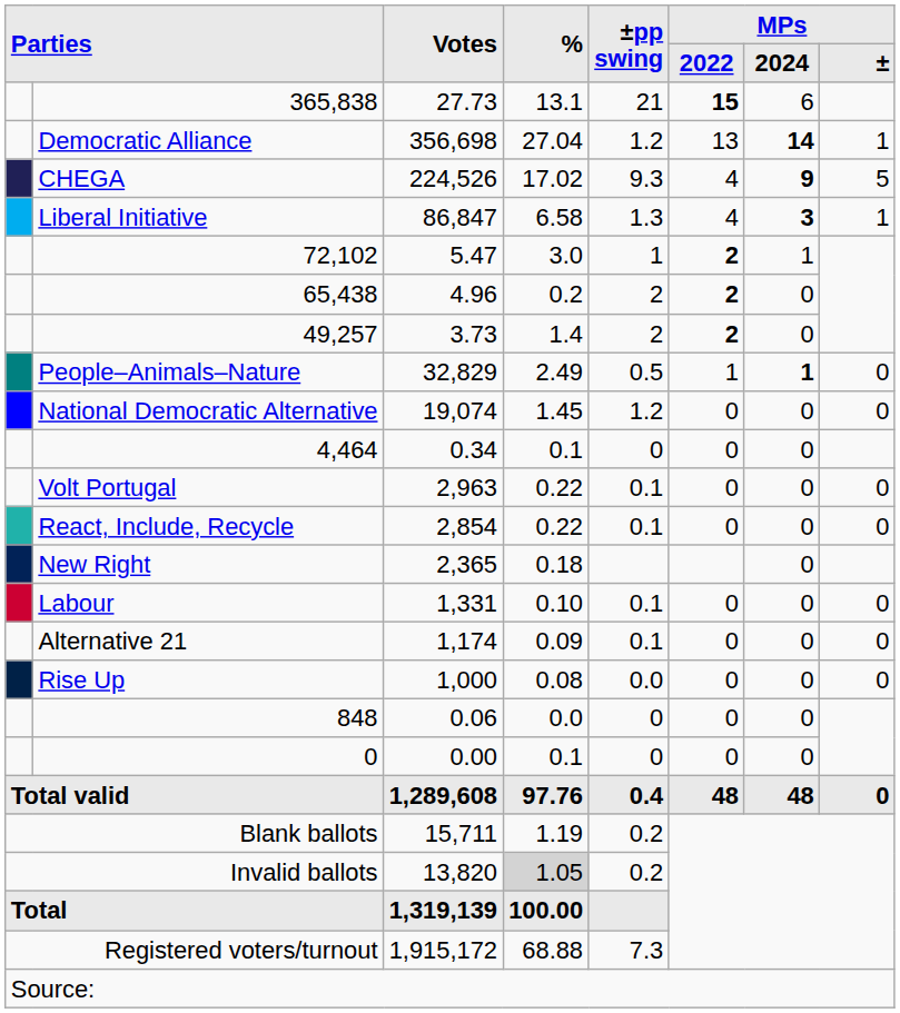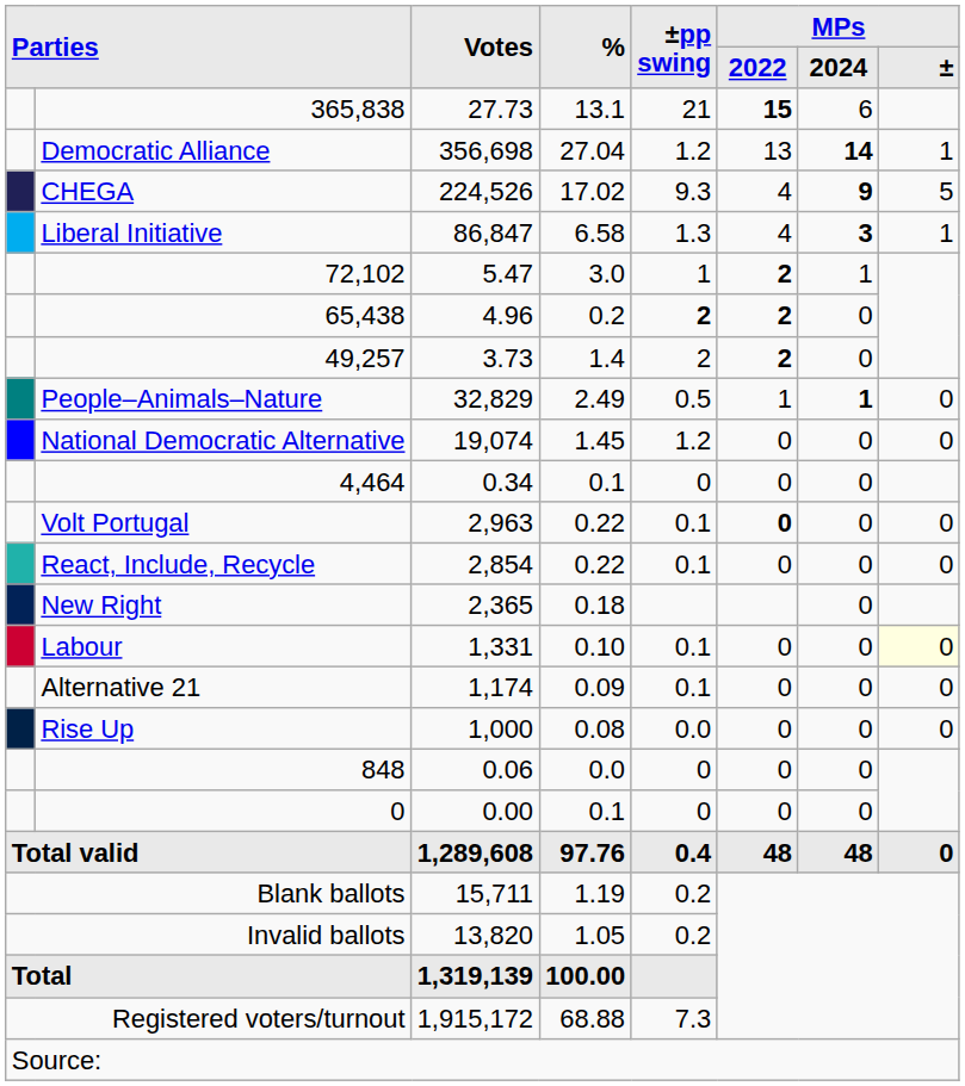 <table class="wikitable" style="text-align:right; font-size:95%;">
 <tr>
 <th rowspan="2" colspan="2" style="background:#e9e9e9; text-align:left;" alignleft><a href='#'>Parties</a></th>
 <th rowspan="2" style="background:#e9e9e9; text-align:right;">Votes</th>
 <th rowspan="2" style="background:#e9e9e9; text-align:right;">%</th>
 <th rowspan="2" style="background:#e9e9e9; text-align:right;">±<a href='#'>pp</a> <a href='#'>swing</a></th>
 <th colspan="3" style="background:#e9e9e9; text-align:center;"><a href='#'>MPs</a></th>
 </tr>
 <tr style="background-color:#E9E9E9">
 <th style="background-color:#E9E9E9;text-align:center;"><a href='#'>2022</a></th>
 <th style="background-color:#E9E9E9;text-align:center;">2024</th>
 <th style="background:#e9e9e9; text-align:right;">±</th>
 </tr>
 <tr>
 <td></td>
 <td>365,838</td>
 <td>27.73</td>
 <td>13.1</td>
 <td>21</td>
 <td><strong>15</strong></td>
 <td>6</td>
 </tr>
 <tr>
 <td style="width: 10px"></td>
 <td align="left"><a href='#'>Democratic Alliance</a> </td>
 <td>356,698</td>
 <td>27.04</td>
 <td>1.2</td>
 <td>13</td>
 <td><strong>14</strong></td>
 <td>1</td>
 </tr>
 <tr>
 <td style="width: 10px" bgcolor="#202056" align="center"></td>
 <td align="left"><a href='#'>CHEGA</a></td>
 <td>224,526</td>
 <td>17.02</td>
 <td>9.3</td>
 <td>4</td>
 <td><strong>9</strong></td>
 <td>5</td>
 </tr>
 <tr>
 <td style="width: 10px" bgcolor="#00ADEF" align="center"></td>
 <td align="left"><a href='#'>Liberal Initiative</a></td>
 <td>86,847</td>
 <td>6.58</td>
 <td>1.3</td>
 <td>4</td>
 <td><strong>3</strong></td>
 <td>1</td>
 </tr>
 <tr>
 <td></td>
 <td>72,102</td>
 <td>5.47</td>
 <td>3.0</td>
 <td>1</td>
 <td><strong>2</strong></td>
 <td>1</td>
 </tr>
 <tr>
 <td></td>
 <td>65,438</td>
 <td>4.96</td>
 <td>0.2</td>
-<td>2</td>
+<td><strong>2</strong></td>
 <td><strong>2</strong></td>
 <td>0</td>
 </tr>
 <tr>
 <td></td>
 <td>49,257</td>
 <td>3.73</td>
 <td>1.4</td>
 <td>2</td>
 <td><strong>2</strong></td>
 <td>0</td>
 </tr>
 <tr>
 <td style="width: 10px" bgcolor="teal" align="center"></td>
 <td align="left"><a href='#'>People–Animals–Nature</a></td>
 <td>32,829</td>
 <td>2.49</td>
 <td>0.5</td>
 <td>1</td>
 <td><strong>1</strong></td>
 <td>0</td>
 </tr>
 <tr>
 <td style="width: 10px" bgcolor="blue" align="center"></td>
 <td align="left"><a href='#'>National Democratic Alternative</a></td>
 <td>19,074</td>
 <td>1.45</td>
 <td>1.2</td>
 <td>0</td>
 <td>0</td>
 <td>0</td>
 </tr>
 <tr>
 <td></td>
 <td>4,464</td>
 <td>0.34</td>
 <td>0.1</td>
 <td>0</td>
 <td>0</td>
 <td>0</td>
 </tr>
 <tr>
 <td style="width: 10px"></td>
 <td align="left"><a href='#'>Volt Portugal</a></td>
 <td>2,963</td>
 <td>0.22</td>
 <td>0.1</td>
-<td>0</td>
+<td><strong>0</strong></td>
 <td>0</td>
 <td>0</td>
 </tr>
 <tr>
 <td style="width: 10px" bgcolor="LightSeaGreen" align="center"></td>
 <td align="left"><a href='#'>React, Include, Recycle</a></td>
 <td>2,854</td>
 <td>0.22</td>
 <td>0.1</td>
 <td>0</td>
 <td>0</td>
 <td>0</td>
 </tr>
 <tr>
 <td style="width: 10px" bgcolor="#012257" align="center"></td>
 <td align="left"><a href='#'>New Right</a></td>
 <td>2,365</td>
 <td>0.18</td>
 <td></td>
 <td></td>
 <td>0</td>
 <td></td>
 </tr>
 <tr>
 <td style="width: 10px" bgcolor="#CC0033" align="center"></td>
 <td align="left"><a href='#'>Labour</a></td>
 <td>1,331</td>
 <td>0.10</td>
 <td>0.1</td>
 <td>0</td>
 <td>0</td>
-<td>0</td>
+<td style="background: lightyellow;">0</td>
 </tr>
 <tr>
 <td style="width: 10px"></td>
 <td align="left">Alternative 21 </td>
 <td>1,174</td>
 <td>0.09</td>
 <td>0.1</td>
 <td>0</td>
 <td>0</td>
 <td>0</td>
 </tr>
 <tr>
 <td style="width: 10px" bgcolor="#002147" align="center"></td>
 <td align="left"><a href='#'>Rise Up</a></td>
 <td>1,000</td>
 <td>0.08</td>
 <td>0.0</td>
 <td>0</td>
 <td>0</td>
 <td>0</td>
 </tr>
 <tr>
 <td></td>
 <td>848</td>
 <td>0.06</td>
 <td>0.0</td>
 <td>0</td>
 <td>0</td>
 <td>0</td>
 </tr>
 <tr>
 <td></td>
 <td>0</td>
 <td>0.00</td>
 <td>0.1</td>
 <td>0</td>
 <td>0</td>
 <td>0</td>
 </tr>
 <tr>
 <td colspan=2 align=left style="background-color:#E9E9E9"><strong>Total valid</strong></td>
 <td width="65" align="right" style="background-color:#E9E9E9"><strong>1,289,608</strong></td>
 <td width="40" align="right" style="background-color:#E9E9E9"><strong>97.76</strong></td>
 <td width="40" align="right" style="background-color:#E9E9E9"><strong>0.4</strong></td>
 <td width="40" align="right" style="background-color:#E9E9E9"><strong>48</strong></td>
 <td width="40" align="right" style="background-color:#E9E9E9"><strong>48</strong></td>
 <td width="40" align="right" style="background-color:#E9E9E9"><strong>0</strong></td>
 </tr>
 <tr>
 <td colspan=2>Blank ballots</td>
 <td>15,711</td>
 <td>1.19</td>
 <td>0.2</td>
 <td colspan="3" rowspan="4"></td>
 </tr>
 <tr>
 <td colspan=2>Invalid ballots</td>
 <td>13,820</td>
-<td style="background: lightgrey;">1.05</td>
+<td>1.05</td>
 <td>0.2</td>
 </tr>
 <tr>
 <td colspan=2 align=left style="background-color:#E9E9E9"><strong>Total</strong></td>
 <td width="50" align="right" style="background-color:#E9E9E9"><strong>1,319,139</strong></td>
 <td width="40" align="right" style="background-color:#E9E9E9"><strong>100.00</strong></td>
 <td width="40" align="right" style="background-color:#E9E9E9"></td>
 </tr>
 <tr>
 <td colspan=2>Registered voters/turnout</td>
 <td>1,915,172</td>
 <td>68.88</td>
 <td>7.3</td>
 </tr>
 <tr>
 <td colspan=8 align=left>Source: </td>
 </tr>
 </table>
